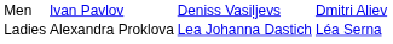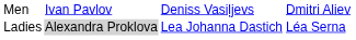 <table>
 <tr>
 <td>Men</td>
 <td> <a href='#'>Ivan Pavlov</a></td>
 <td> <a href='#'>Deniss Vasiļjevs</a></td>
 <td> <a href='#'>Dmitri Aliev</a></td>
 </tr>
 <tr>
 <td>Ladies</td>
-<td> Alexandra Proklova</td>
+<td style="background: lightgrey;"> Alexandra Proklova</td>
 <td> <a href='#'>Lea Johanna Dastich</a></td>
 <td> <a href='#'>Léa Serna</a></td>
 </tr>
 </table>
